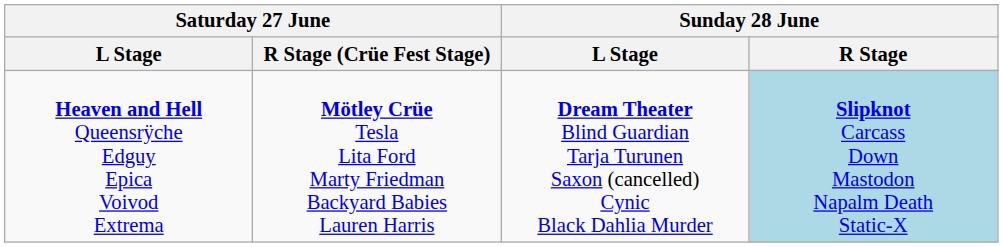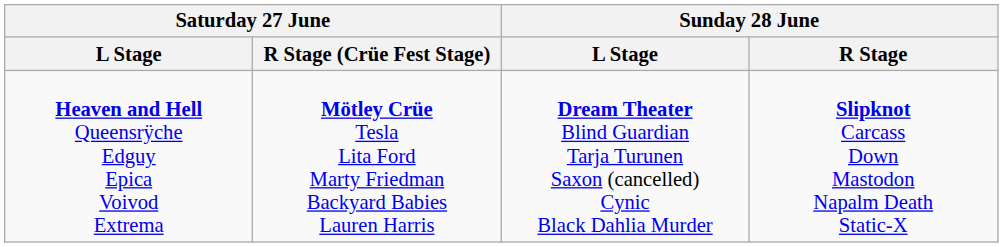 <table class="wikitable">
 <tr>
 <th colspan="2">Saturday 27 June</th>
 <th colspan="2">Sunday 28 June</th>
 </tr>
 <tr>
 <th>L Stage</th>
 <th>R Stage (Crüe Fest Stage)</th>
 <th>L Stage</th>
 <th>R Stage</th>
 </tr>
 <tr>
 <td valign="top" align="center" width=185><br><strong><a href='#'>Heaven and Hell</a></strong> <br><a href='#'>Queensrÿche</a> <br><a href='#'>Edguy</a> <br><a href='#'>Epica</a> <br><a href='#'>Voivod</a> <br><a href='#'>Extrema</a></td>
 <td valign="top" align="center" width=185><br><strong><a href='#'>Mötley Crüe</a></strong> <br><a href='#'>Tesla</a> <br><a href='#'>Lita Ford</a> <br><a href='#'>Marty Friedman</a> <br><a href='#'>Backyard Babies</a> <br><a href='#'>Lauren Harris</a></td>
 <td valign="top" align="center" width=185><br><strong><a href='#'>Dream Theater</a></strong> <br><a href='#'>Blind Guardian</a> <br><a href='#'>Tarja Turunen</a> <br><a href='#'>Saxon</a> (cancelled) <br><a href='#'>Cynic</a> <br><a href='#'>Black Dahlia Murder</a></td>
-<td valign="top" align="center" width=185 style="background: lightblue;"><br><strong><a href='#'>Slipknot</a></strong> <br><a href='#'>Carcass</a> <br><a href='#'>Down</a> <br><a href='#'>Mastodon</a> <br><a href='#'>Napalm Death</a> <br><a href='#'>Static-X</a></td>
+<td valign="top" align="center" width=185><br><strong><a href='#'>Slipknot</a></strong> <br><a href='#'>Carcass</a> <br><a href='#'>Down</a> <br><a href='#'>Mastodon</a> <br><a href='#'>Napalm Death</a> <br><a href='#'>Static-X</a></td>
 </tr>
 </table>
